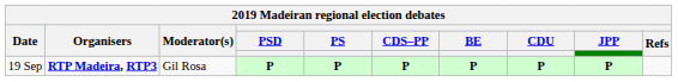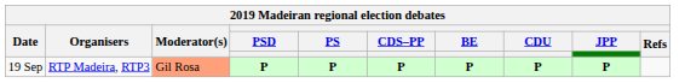 <table class="wikitable" style="font-size:98%; text-align:center;">
 <tr>
 <th colspan="22">2019 Madeiran regional election debates</th>
 </tr>
 <tr>
 <th rowspan="3">Date</th>
 <th rowspan="3">Organisers</th>
 <th rowspan="3">Moderator(s)</th>
 <th colspan="19">        </th>
 </tr>
 <tr>
 <th scope="col" style="width:5em;"><a href='#'>PSD</a><br></th>
 <th scope="col" style="width:5em;"><a href='#'>PS</a><br></th>
 <th scope="col" style="width:5em;"><a href='#'>CDS–PP</a><br></th>
 <th scope="col" style="width:5em;"><a href='#'>BE</a><br></th>
 <th scope="col" style="width:5em;"><a href='#'>CDU</a><br></th>
 <th scope="col" style="width:5em;"><a href='#'>JPP</a><br></th>
 <th rowspan="2">Refs</th>
 </tr>
 <tr>
 <th style="color:inherit;background:"></th>
 <th style="color:inherit;background:"></th>
 <th style="color:inherit;background:"></th>
 <th style="color:inherit;background:"></th>
 <th style="color:inherit;background:"></th>
 <th class="unsortable" style="color:inherit;background:green;"></th>
 </tr>
 <tr>
 <td style="white-space:nowrap; text-align:left;">19 Sep</td>
-<td style="white-space:nowrap; text-align:left;"><strong><a href='#'>RTP Madeira</a>, <a href='#'>RTP3</a></strong></td>
-<td style="white-space:nowrap; text-align:left;">Gil Rosa</td>
+<td style="white-space:nowrap; text-align:left;"><a href='#'>RTP Madeira</a>, <a href='#'>RTP3</a></td>
+<td style="background: lightsalmon; white-space:nowrap; text-align:left;">Gil Rosa</td>
 <td style="background:#D0FFD0;"><strong>P</strong></td>
 <td style="background:#D0FFD0;"><strong>P</strong></td>
 <td style="background:#D0FFD0;"><strong>P</strong></td>
 <td style="background:#D0FFD0;"><strong>P</strong></td>
 <td style="background:#D0FFD0;"><strong>P</strong></td>
 <td style="background:#D0FFD0;"><strong>P</strong></td>
 <td></td>
 </tr>
 </table>
